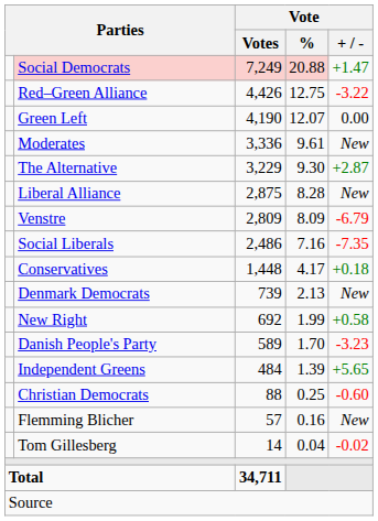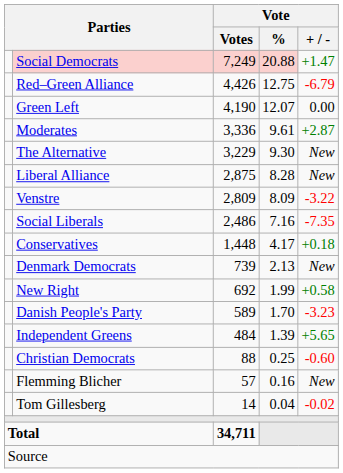 <table class="wikitable" style="text-align:right;">
 <tr>
 <th style="text-align:centre;" rowspan="2" colspan="2" width="225">Parties</th>
 <th colspan="3">Vote</th>
 </tr>
 <tr>
 <th width="15">Votes</th>
 <th width="15">%</th>
 <th width="15">+ / -</th>
 </tr>
 <tr>
 <td width="2" style="color:inherit;background:"></td>
 <td bgcolor=#fbd0ce  align="left"><a href='#'>Social Democrats</a></td>
 <td bgcolor=#fbd0ce>7,249</td>
 <td bgcolor=#fbd0ce>20.88</td>
 <td style=color:green;>+1.47</td>
 </tr>
 <tr>
 <td width="2" style="color:inherit;background:"></td>
 <td align="left"><a href='#'>Red–Green Alliance</a></td>
 <td>4,426</td>
 <td>12.75</td>
-<td style=color:red;>-3.22</td>
+<td style=color:red;>-6.79</td>
 </tr>
 <tr>
 <td width="2" style="color:inherit;background:"></td>
 <td align="left"><a href='#'>Green Left</a></td>
 <td>4,190</td>
 <td>12.07</td>
 <td>0.00</td>
 </tr>
 <tr>
 <td width="2" style="color:inherit;background:"></td>
 <td align="left"><a href='#'>Moderates</a></td>
 <td>3,336</td>
 <td>9.61</td>
-<td><em>New</em></td>
+<td style=color:green;>+2.87</td>
 </tr>
 <tr>
 <td width="2" style="color:inherit;background:"></td>
 <td align="left"><a href='#'>The Alternative</a></td>
 <td>3,229</td>
 <td>9.30</td>
-<td style=color:green;>+2.87</td>
+<td><em>New</em></td>
 </tr>
 <tr>
 <td width="2" style="color:inherit;background:"></td>
 <td align="left"><a href='#'>Liberal Alliance</a></td>
 <td>2,875</td>
 <td>8.28</td>
 <td><em>New</em></td>
 </tr>
 <tr>
 <td width="2" style="color:inherit;background:"></td>
 <td align="left"><a href='#'>Venstre</a></td>
 <td>2,809</td>
 <td>8.09</td>
-<td style=color:red;>-6.79</td>
+<td style=color:red;>-3.22</td>
 </tr>
 <tr>
 <td width="2" style="color:inherit;background:"></td>
 <td align="left"><a href='#'>Social Liberals</a></td>
 <td>2,486</td>
 <td>7.16</td>
 <td style=color:red;>-7.35</td>
 </tr>
 <tr>
 <td width="2" style="color:inherit;background:"></td>
 <td align="left"><a href='#'>Conservatives</a></td>
 <td>1,448</td>
 <td>4.17</td>
 <td style=color:green;>+0.18</td>
 </tr>
 <tr>
 <td width="2" style="color:inherit;background:"></td>
 <td align="left"><a href='#'>Denmark Democrats</a></td>
 <td>739</td>
 <td>2.13</td>
 <td><em>New</em></td>
 </tr>
 <tr>
 <td width="2" style="color:inherit;background:"></td>
 <td align="left"><a href='#'>New Right</a></td>
 <td>692</td>
 <td>1.99</td>
 <td style=color:green;>+0.58</td>
 </tr>
 <tr>
 <td width="2" style="color:inherit;background:"></td>
 <td align="left"><a href='#'>Danish People's Party</a></td>
 <td>589</td>
 <td>1.70</td>
 <td style=color:red;>-3.23</td>
 </tr>
 <tr>
 <td width="2" style="color:inherit;background:"></td>
 <td align="left"><a href='#'>Independent Greens</a></td>
 <td>484</td>
 <td>1.39</td>
 <td style=color:green;>+5.65</td>
 </tr>
 <tr>
 <td width="2" style="color:inherit;background:"></td>
 <td align="left"><a href='#'>Christian Democrats</a></td>
 <td>88</td>
 <td>0.25</td>
 <td style=color:red;>-0.60</td>
 </tr>
 <tr>
 <td width="2" style="color:inherit;background:"></td>
 <td align="left">Flemming Blicher</td>
 <td>57</td>
 <td>0.16</td>
 <td><em>New</em></td>
 </tr>
 <tr>
 <td width="2" style="color:inherit;background:"></td>
 <td align="left">Tom Gillesberg</td>
 <td>14</td>
 <td>0.04</td>
 <td style=color:red;>-0.02</td>
 </tr>
 <tr>
 <td colspan="7" bgcolor="#E9E9E9"></td>
 </tr>
 <tr>
 <td align="left" colspan="2"><strong>Total</strong></td>
 <td><strong>34,711</strong></td>
 <td bgcolor="#E9E9E9" colspan="2"></td>
 </tr>
 <tr>
 <td align="left" colspan="6">Source</td>
 </tr>
 </table>
